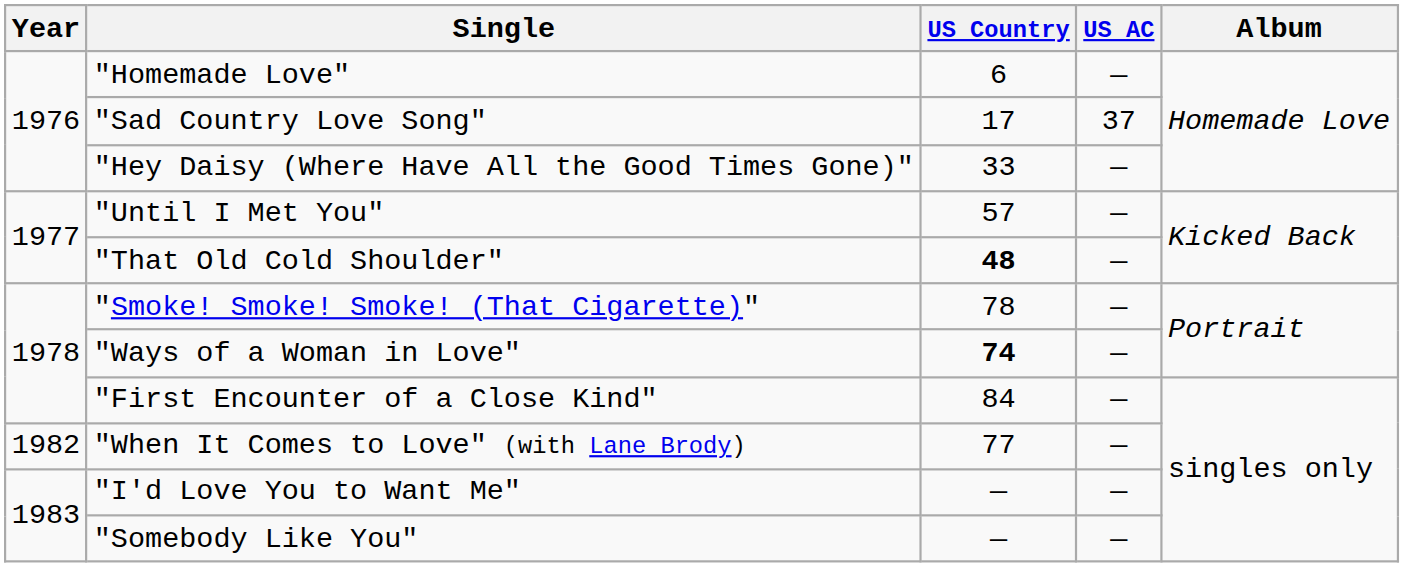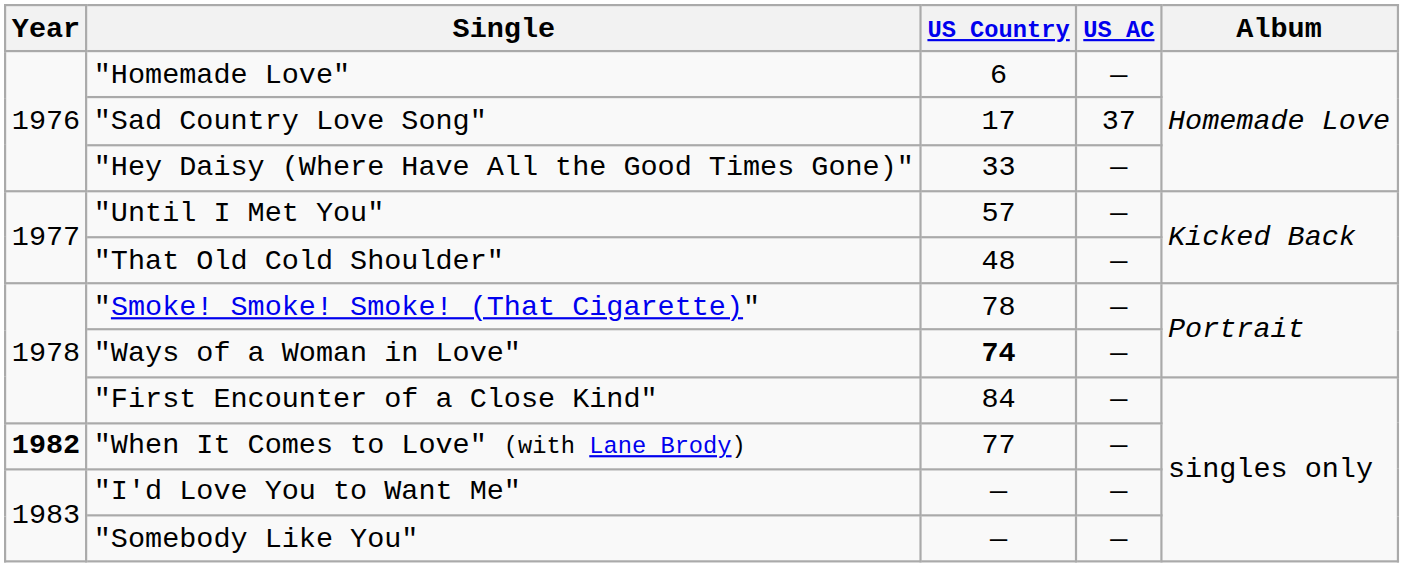 <table class="wikitable">
 <tr>
 <th>Year</th>
 <th>Single</th>
 <th><small><a href='#'>US Country</a></small></th>
 <th><small><a href='#'>US AC</a></small></th>
 <th>Album</th>
 </tr>
 <tr>
 <td rowspan="3">1976</td>
 <td>"Homemade Love"</td>
 <td align="center">6</td>
 <td align="center">—</td>
 <td rowspan="3"><em>Homemade Love</em></td>
 </tr>
 <tr>
 <td>"Sad Country Love Song"</td>
 <td align="center">17</td>
 <td align="center">37</td>
 </tr>
 <tr>
 <td>"Hey Daisy (Where Have All the Good Times Gone)"</td>
 <td align="center">33</td>
 <td align="center">—</td>
 </tr>
 <tr>
 <td rowspan="2">1977</td>
 <td>"Until I Met You"</td>
 <td align="center">57</td>
 <td align="center">—</td>
 <td rowspan="2"><em>Kicked Back</em></td>
 </tr>
 <tr>
 <td>"That Old Cold Shoulder"</td>
-<td align="center"><strong>48</strong></td>
+<td align="center">48</td>
 <td align="center">—</td>
 </tr>
 <tr>
 <td rowspan="3">1978</td>
 <td>"<a href='#'>Smoke! Smoke! Smoke! (That Cigarette)</a>"</td>
 <td align="center">78</td>
 <td align="center">—</td>
 <td rowspan="2"><em>Portrait</em></td>
 </tr>
 <tr>
 <td>"Ways of a Woman in Love"</td>
 <td align="center"><strong>74</strong></td>
 <td align="center">—</td>
 </tr>
 <tr>
 <td>"First Encounter of a Close Kind"</td>
 <td align="center">84</td>
 <td align="center">—</td>
 <td rowspan="4">singles only</td>
 </tr>
 <tr>
-<td>1982</td>
+<td><strong>1982</strong></td>
 <td>"When It Comes to Love" <small>(with <a href='#'>Lane Brody</a>)</small></td>
 <td align="center">77</td>
 <td align="center">—</td>
 </tr>
 <tr>
 <td rowspan="2">1983</td>
 <td>"I'd Love You to Want Me"</td>
 <td align="center">—</td>
 <td align="center">—</td>
 </tr>
 <tr>
 <td>"Somebody Like You"</td>
 <td align="center">—</td>
 <td align="center">—</td>
 </tr>
 </table>
